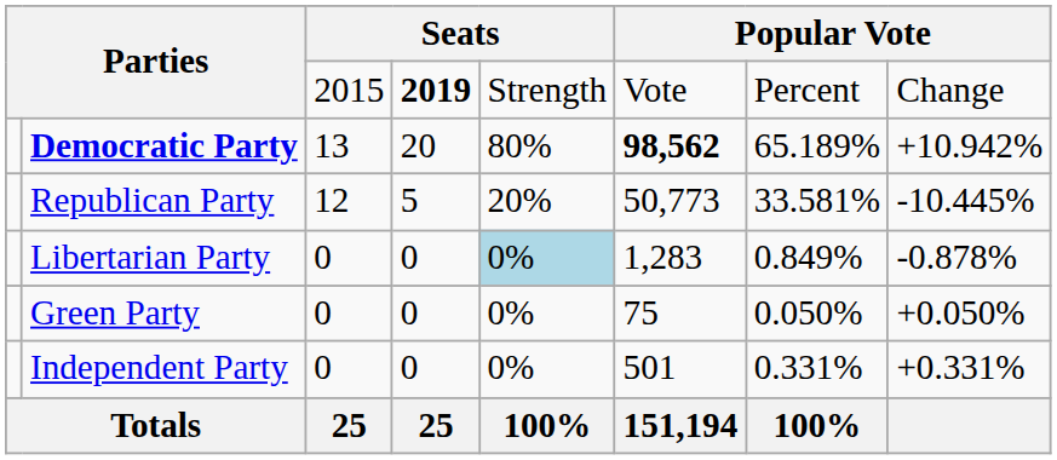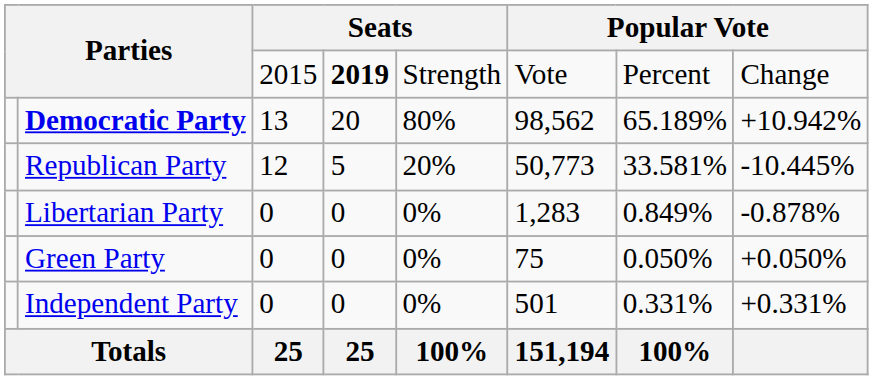 <table class="wikitable">
 <tr>
 <th colspan="2" rowspan="2">Parties</th>
 <th colspan="3">Seats</th>
 <th colspan="3">Popular Vote</th>
 </tr>
 <tr>
 <td>2015</td>
 <td><strong>2019</strong></td>
 <td>Strength</td>
 <td>Vote</td>
 <td>Percent</td>
 <td>Change</td>
 </tr>
 <tr>
 <td></td>
 <td><strong><a href='#'>Democratic Party</a></strong></td>
 <td>13</td>
 <td>20</td>
 <td>80%</td>
-<td><strong>98,562</strong></td>
+<td>98,562</td>
 <td>65.189%</td>
 <td>+10.942%</td>
 </tr>
 <tr>
 <td></td>
 <td><a href='#'>Republican Party</a></td>
 <td>12</td>
 <td>5</td>
 <td>20%</td>
 <td>50,773</td>
 <td>33.581%</td>
 <td>-10.445%</td>
 </tr>
 <tr>
 <td></td>
 <td><a href='#'>Libertarian Party</a></td>
 <td>0</td>
 <td>0</td>
-<td style="background: lightblue;">0%</td>
+<td>0%</td>
 <td>1,283</td>
 <td>0.849%</td>
 <td>-0.878%</td>
 </tr>
 <tr>
 <td></td>
 <td><a href='#'>Green Party</a></td>
 <td>0</td>
 <td>0</td>
 <td>0%</td>
 <td>75</td>
 <td>0.050%</td>
 <td>+0.050%</td>
 </tr>
 <tr>
 <td></td>
 <td><a href='#'>Independent Party</a></td>
 <td>0</td>
 <td>0</td>
 <td>0%</td>
 <td>501</td>
 <td>0.331%</td>
 <td>+0.331%</td>
 </tr>
 <tr>
 <th colspan="2">Totals</th>
 <th>25</th>
 <th>25</th>
 <th>100%</th>
 <th>151,194</th>
 <th>100%</th>
 <th></th>
 </tr>
 </table>
